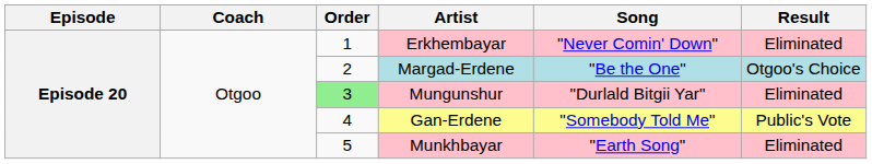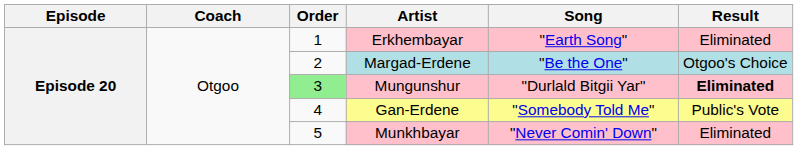 <table class="wikitable" style="text-align:center; line-height:17px; width:65%;">
 <tr>
 <th width="15%">Episode</th>
 <th width="15%">Coach</th>
 <th width="05%">Order</th>
 <th width="15%">Artist</th>
 <th width="20%">Song</th>
 <th width="12%">Result</th>
 </tr>
 <tr>
 <th rowspan="5">Episode 20<br><small></small></th>
 <td rowspan="5">Otgoo</td>
 <td>1</td>
 <td style="background:pink;">Erkhembayar</td>
-<td style="background:pink;">"<a href='#'>Never Comin' Down</a>"</td>
+<td style="background:pink;">"<a href='#'>Earth Song</a>"</td>
 <td style="background:pink;">Eliminated</td>
 </tr>
 <tr>
 <td>2</td>
 <td style="background:#B0E0E6;">Margad-Erdene</td>
 <td style="background:#B0E0E6;">"<a href='#'>Be the One</a>"</td>
 <td style="background:#B0E0E6;">Otgoo's Choice</td>
 </tr>
 <tr>
 <td style="background: lightgreen;">3</td>
 <td style="background:pink;">Mungunshur</td>
 <td style="background:pink;">"Durlald Bitgii Yar"</td>
-<td style="background:pink;">Eliminated</td>
+<td style="background:pink;"><strong>Eliminated</strong></td>
 </tr>
 <tr>
 <td>4</td>
 <td style="background:#fdfc8f;">Gan-Erdene</td>
 <td style="background:#fdfc8f;">"<a href='#'>Somebody Told Me</a>"</td>
 <td style="background:#fdfc8f;">Public's Vote</td>
 </tr>
 <tr>
 <td>5</td>
 <td style="background:pink;">Munkhbayar</td>
-<td style="background:pink;">"<a href='#'>Earth Song</a>"</td>
+<td style="background:pink;">"<a href='#'>Never Comin' Down</a>"</td>
 <td style="background:pink;">Eliminated</td>
 </tr>
 </table>
